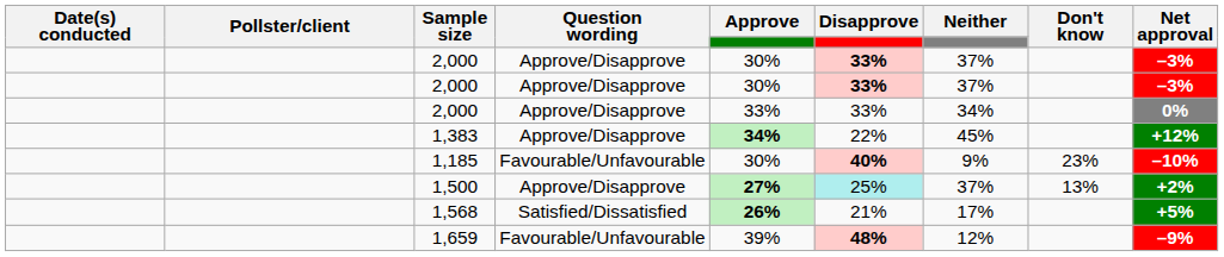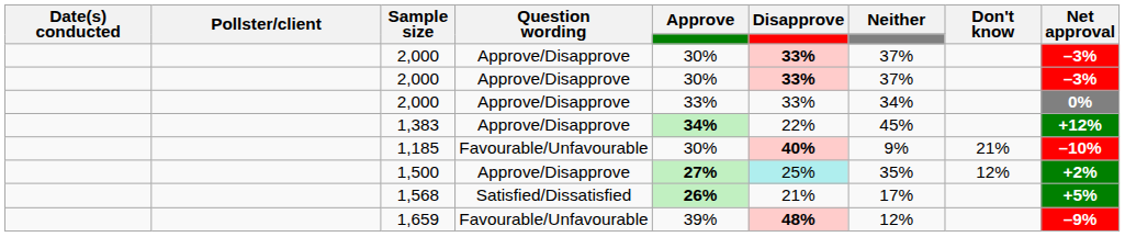 <table class="wikitable collapsible sortable mw-datatable" style="text-align:center;font-size:95%;line-height:14px;">
 <tr>
 <th style="width:125px;" rowspan="2">Date(s)<br>conducted</th>
 <th style="width:200px;" rowspan="2">Pollster/client</th>
 <th style="width:60px;" rowspan="2">Sample size</th>
 <th style="width:120px;" rowspan="2">Question<br>wording</th>
 <th class="unsortable" style="width:80px;">Approve</th>
 <th class="unsortable" style="width: 80px;">Disapprove</th>
 <th class="unsortable" style="width:80px;">Neither</th>
 <th class="unsortable" style="width:80px;" rowspan="2">Don't know</th>
 <th class="unsortable" style="width:20px;" rowspan="2">Net approval</th>
 </tr>
 <tr>
 <th class="unsortable" style="color:inherit;background:green;width:60px;"></th>
 <th class="unsortable" style="color:inherit;background:red;width:60px;"></th>
 <th class="unsortable" style="background:grey;width:60px;"></th>
 </tr>
 <tr>
 <td></td>
 <td></td>
 <td>2,000</td>
 <td>Approve/Disapprove</td>
 <td>30%</td>
 <td style="background:#ffcccb"><strong>33%</strong></td>
 <td>37%</td>
 <td></td>
 <td style="background:red;color:white"><strong>–3%</strong></td>
 </tr>
 <tr>
 <td></td>
 <td></td>
 <td>2,000</td>
 <td>Approve/Disapprove</td>
 <td>30%</td>
 <td style="background:#ffcccb"><strong>33%</strong></td>
 <td>37%</td>
 <td></td>
 <td style="background:red;color:white"><strong>–3%</strong></td>
 </tr>
 <tr>
 <td></td>
 <td></td>
 <td>2,000</td>
 <td>Approve/Disapprove</td>
 <td>33%</td>
 <td>33%</td>
 <td>34%</td>
 <td></td>
 <td style="background:grey;color:white;"><strong>0%</strong></td>
 </tr>
 <tr>
 <td></td>
 <td></td>
 <td>1,383</td>
 <td>Approve/Disapprove</td>
 <td style="background:#C1F0C1"><strong>34%</strong></td>
 <td>22%</td>
 <td>45%</td>
 <td></td>
 <td style="background:green;color:white"><strong>+12%</strong></td>
 </tr>
 <tr>
 <td></td>
 <td></td>
 <td>1,185</td>
 <td>Favourable/Unfavourable</td>
 <td>30%</td>
 <td style="background:#ffcccb"><strong>40%</strong></td>
 <td>9%</td>
-<td>23%</td>
+<td>21%</td>
 <td style="background:red;color:white"><strong>–10%</strong></td>
 </tr>
 <tr>
 <td></td>
 <td></td>
 <td>1,500</td>
 <td>Approve/Disapprove</td>
 <td style="background:#C1F0C1"><strong>27%</strong></td>
 <td style="background: paleturquoise;">25%</td>
-<td>37%</td>
-<td>13%</td>
+<td>35%</td>
+<td>12%</td>
 <td style="background:green;color:white"><strong>+2%</strong></td>
 </tr>
 <tr>
 <td></td>
 <td></td>
 <td>1,568</td>
 <td>Satisfied/Dissatisfied</td>
 <td style="background:#C1F0C1"><strong>26%</strong></td>
 <td>21%</td>
 <td>17%</td>
 <td></td>
 <td style="background:green;color:white"><strong>+5%</strong></td>
 </tr>
 <tr>
 <td></td>
 <td></td>
 <td>1,659</td>
 <td>Favourable/Unfavourable</td>
 <td>39%</td>
 <td style="background:#ffcccb"><strong>48%</strong></td>
 <td>12%</td>
 <td></td>
 <td style="background:red;color:white"><strong>–9%</strong></td>
 </tr>
 </table>
